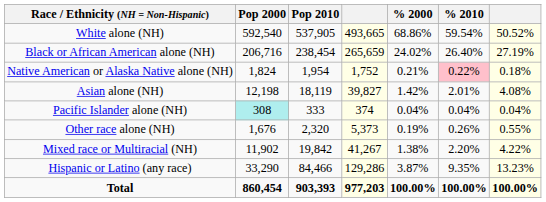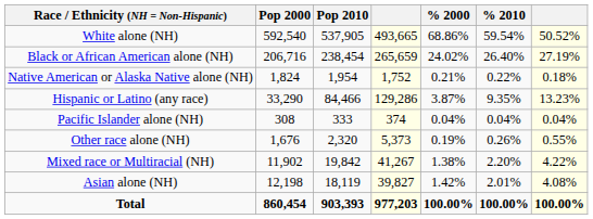 <table class="wikitable" style="text-align:center;">
 <tr>
 <th>Race / Ethnicity <small>(<em>NH = Non-Hispanic</em>)</small></th>
 <th>Pop 2000</th>
 <th>Pop 2010</th>
 <th></th>
 <th>% 2000</th>
 <th>% 2010</th>
 <th></th>
 </tr>
 <tr>
 <td><a href='#'>White</a> alone (NH)</td>
 <td>592,540</td>
 <td>537,905</td>
 <td style='background: #ffffe6;'>493,665</td>
 <td>68.86%</td>
 <td>59.54%</td>
 <td style='background: #ffffe6;'>50.52%</td>
 </tr>
 <tr>
 <td><a href='#'>Black or African American</a> alone (NH)</td>
 <td>206,716</td>
 <td>238,454</td>
 <td style='background: #ffffe6;'>265,659</td>
 <td>24.02%</td>
 <td>26.40%</td>
 <td style='background: #ffffe6;'>27.19%</td>
 </tr>
 <tr>
 <td><a href='#'>Native American</a> or <a href='#'>Alaska Native</a> alone (NH)</td>
 <td>1,824</td>
 <td>1,954</td>
 <td style='background: #ffffe6;'>1,752</td>
 <td>0.21%</td>
-<td style="background: pink;">0.22%</td>
+<td>0.22%</td>
 <td style='background: #ffffe6;'>0.18%</td>
 </tr>
 <tr>
-<td><a href='#'>Asian</a> alone (NH)</td>
-<td>12,198</td>
-<td>18,119</td>
-<td style='background: #ffffe6;'>39,827</td>
-<td>1.42%</td>
-<td>2.01%</td>
-<td style='background: #ffffe6;'>4.08%</td>
+<td><a href='#'>Hispanic or Latino</a> (any race)</td>
+<td>33,290</td>
+<td>84,466</td>
+<td style='background: #ffffe6;'>129,286</td>
+<td>3.87%</td>
+<td>9.35%</td>
+<td style='background: #ffffe6;'>13.23%</td>
 </tr>
 <tr>
 <td><a href='#'>Pacific Islander</a> alone (NH)</td>
-<td style="background: paleturquoise;">308</td>
+<td>308</td>
 <td>333</td>
 <td style='background: #ffffe6;'>374</td>
 <td>0.04%</td>
 <td>0.04%</td>
 <td style='background: #ffffe6;'>0.04%</td>
 </tr>
 <tr>
 <td><a href='#'>Other race</a> alone (NH)</td>
 <td>1,676</td>
 <td>2,320</td>
 <td style='background: #ffffe6;'>5,373</td>
 <td>0.19%</td>
 <td>0.26%</td>
 <td style='background: #ffffe6;'>0.55%</td>
 </tr>
 <tr>
 <td><a href='#'>Mixed race or Multiracial</a> (NH)</td>
 <td>11,902</td>
 <td>19,842</td>
 <td style='background: #ffffe6;'>41,267</td>
 <td>1.38%</td>
 <td>2.20%</td>
 <td style='background: #ffffe6;'>4.22%</td>
 </tr>
 <tr>
-<td><a href='#'>Hispanic or Latino</a> (any race)</td>
-<td>33,290</td>
-<td>84,466</td>
-<td style='background: #ffffe6;'>129,286</td>
-<td>3.87%</td>
-<td>9.35%</td>
-<td style='background: #ffffe6;'>13.23%</td>
+<td><a href='#'>Asian</a> alone (NH)</td>
+<td>12,198</td>
+<td>18,119</td>
+<td style='background: #ffffe6;'>39,827</td>
+<td>1.42%</td>
+<td>2.01%</td>
+<td style='background: #ffffe6;'>4.08%</td>
 </tr>
 <tr>
 <td><strong>Total</strong></td>
 <td><strong>860,454</strong></td>
 <td><strong>903,393</strong></td>
 <td style='background: #ffffe6;'><strong>977,203</strong></td>
 <td><strong>100.00%</strong></td>
 <td><strong>100.00%</strong></td>
 <td style='background: #ffffe6;'><strong>100.00%</strong></td>
 </tr>
 </table>
